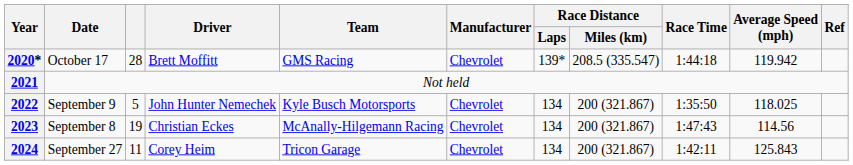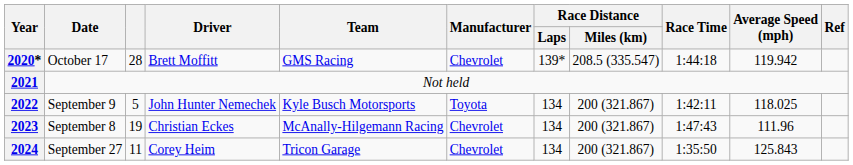 <table class="wikitable" style="font-size: 95%;">
 <tr>
 <th rowspan=2>Year</th>
 <th rowspan=2>Date</th>
 <th rowspan=2></th>
 <th rowspan=2>Driver</th>
 <th rowspan=2>Team</th>
 <th rowspan=2>Manufacturer</th>
 <th colspan=2>Race Distance</th>
 <th rowspan=2>Race Time</th>
 <th rowspan=2>Average Speed<br>(mph)</th>
 <th rowspan=2>Ref</th>
 </tr>
 <tr>
 <th>Laps</th>
 <th>Miles (km)</th>
 </tr>
 <tr>
 <th><a href='#'>2020</a>*</th>
 <td>October 17</td>
 <td align="center">28</td>
 <td><a href='#'>Brett Moffitt</a></td>
 <td><a href='#'>GMS Racing</a></td>
 <td><a href='#'>Chevrolet</a></td>
 <td align=center>139*</td>
 <td align=center>208.5 (335.547)</td>
 <td align=center>1:44:18</td>
 <td align=center>119.942</td>
 <td></td>
 </tr>
 <tr>
 <th align=center><a href='#'>2021</a></th>
 <td colspan=10 align=center><em>Not held</em></td>
 </tr>
 <tr>
 <th><a href='#'>2022</a></th>
 <td>September 9</td>
 <td align="center">5</td>
 <td><a href='#'>John Hunter Nemechek</a></td>
 <td><a href='#'>Kyle Busch Motorsports</a></td>
-<td><a href='#'>Chevrolet</a></td>
+<td><a href='#'>Toyota</a></td>
 <td align=center>134</td>
 <td align=center>200 (321.867)</td>
-<td align=center>1:35:50</td>
+<td align=center>1:42:11</td>
 <td align=center>118.025</td>
 <td></td>
 </tr>
 <tr>
 <th><a href='#'>2023</a></th>
 <td>September 8</td>
 <td align="center">19</td>
 <td><a href='#'>Christian Eckes</a></td>
 <td><a href='#'>McAnally-Hilgemann Racing</a></td>
 <td><a href='#'>Chevrolet</a></td>
 <td align=center>134</td>
 <td align=center>200 (321.867)</td>
 <td align=center>1:47:43</td>
-<td align=center>114.56</td>
+<td align=center>111.96</td>
 <td></td>
 </tr>
 <tr>
 <th><a href='#'>2024</a></th>
 <td>September 27</td>
 <td align=center>11</td>
 <td><a href='#'>Corey Heim</a></td>
 <td><a href='#'>Tricon Garage</a></td>
 <td><a href='#'>Chevrolet</a></td>
 <td align=center>134</td>
 <td align=center>200 (321.867)</td>
-<td align=center>1:42:11</td>
+<td align=center>1:35:50</td>
 <td align=center>125.843</td>
 <td></td>
 </tr>
 </table>
